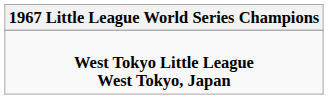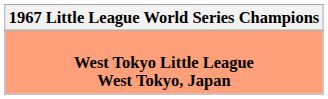 <table class="wikitable" style="text-align: center; margin: 0 auto;">
 <tr>
 <th>1967 Little League World Series Champions</th>
 </tr>
 <tr>
 </tr>
 <tr>
-<td><br><strong>West Tokyo Little League</strong><br><strong>West Tokyo, Japan</strong></td>
+<td style="background: lightsalmon;"><br><strong>West Tokyo Little League</strong><br><strong>West Tokyo, Japan</strong></td>
 </tr>
 </table>
